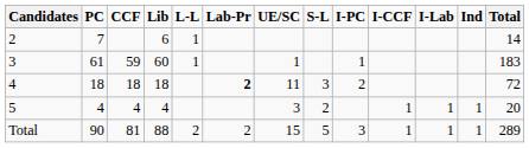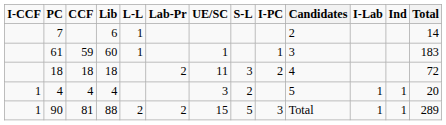 <table class="wikitable" style="text-align:right;">
 <tr>
-<th>Candidates</th>
+<td><strong>I-CCF</strong></td>
 <td><strong>PC</strong></td>
 <td><strong>CCF</strong></td>
 <td><strong>Lib</strong></td>
 <td><strong>L-L</strong></td>
 <td><strong>Lab-Pr</strong></td>
 <td><strong>UE/SC</strong></td>
 <td><strong>S-L</strong></td>
 <td><strong>I-PC</strong></td>
-<td><strong>I-CCF</strong></td>
+<th>Candidates</th>
 <td><strong>I-Lab</strong></td>
 <td><strong>Ind</strong></td>
 <th>Total</th>
 </tr>
 <tr>
-<td style="text-align:left;">2</td>
+<td></td>
 <td>7</td>
 <td></td>
 <td>6</td>
 <td>1</td>
 <td></td>
 <td></td>
 <td></td>
 <td></td>
-<td></td>
+<td style="text-align:left;">2</td>
 <td></td>
 <td></td>
 <td>14</td>
 </tr>
 <tr>
-<td style="text-align:left;">3</td>
+<td></td>
 <td>61</td>
 <td>59</td>
 <td>60</td>
 <td>1</td>
 <td></td>
 <td>1</td>
 <td></td>
 <td>1</td>
-<td></td>
+<td style="text-align:left;">3</td>
 <td></td>
 <td></td>
 <td>183</td>
 </tr>
 <tr>
-<td style="text-align:left;">4</td>
+<td></td>
 <td>18</td>
 <td>18</td>
 <td>18</td>
 <td></td>
-<td><strong>2</strong></td>
+<td>2</td>
 <td>11</td>
 <td>3</td>
 <td>2</td>
-<td></td>
+<td style="text-align:left;">4</td>
 <td></td>
 <td></td>
 <td>72</td>
 </tr>
 <tr>
-<td style="text-align:left;">5</td>
+<td>1</td>
 <td>4</td>
 <td>4</td>
 <td>4</td>
 <td></td>
 <td></td>
 <td>3</td>
 <td>2</td>
 <td></td>
-<td>1</td>
+<td style="text-align:left;">5</td>
 <td>1</td>
 <td>1</td>
 <td>20</td>
 </tr>
 <tr>
-<td style="text-align:left;">Total</td>
+<td>1</td>
 <td>90</td>
 <td>81</td>
 <td>88</td>
 <td>2</td>
 <td>2</td>
 <td>15</td>
 <td>5</td>
 <td>3</td>
-<td>1</td>
+<td style="text-align:left;">Total</td>
 <td>1</td>
 <td>1</td>
 <td>289</td>
 </tr>
 </table>
